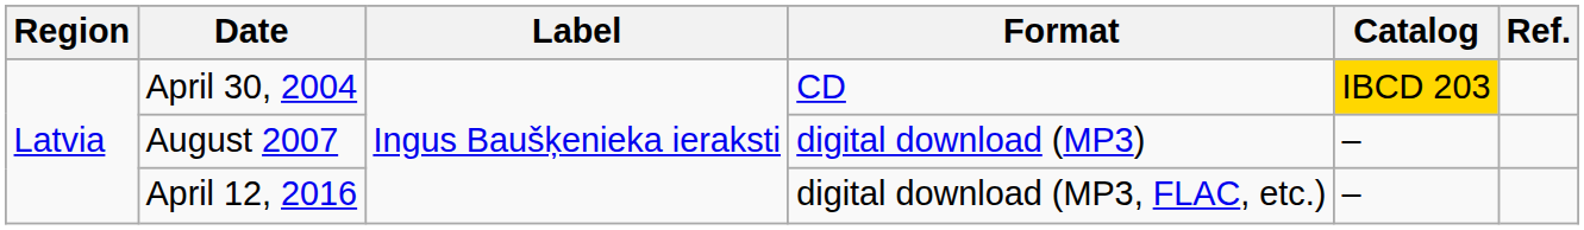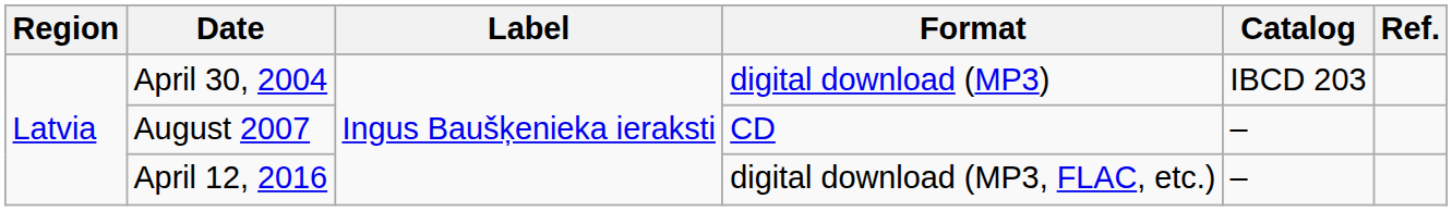 <table class="wikitable">
 <tr>
 <th>Region</th>
 <th>Date</th>
 <th>Label</th>
 <th>Format</th>
 <th>Catalog</th>
 <th>Ref.</th>
 </tr>
 <tr>
 <td rowspan="3"><a href='#'>Latvia</a></td>
 <td>April 30, <a href='#'>2004</a></td>
 <td rowspan="3"><a href='#'>Ingus Baušķenieka ieraksti</a></td>
-<td><a href='#'>CD</a></td>
-<td style="background: gold;">IBCD 203</td>
+<td><a href='#'>digital download</a> (<a href='#'>MP3</a>)</td>
+<td>IBCD 203</td>
 <td></td>
 </tr>
 <tr>
 <td>August <a href='#'>2007</a></td>
-<td><a href='#'>digital download</a> (<a href='#'>MP3</a>)</td>
+<td><a href='#'>CD</a></td>
 <td>–</td>
 <td><br></td>
 </tr>
 <tr>
 <td>April 12, <a href='#'>2016</a></td>
 <td>digital download (MP3, <a href='#'>FLAC</a>, etc.)</td>
 <td>–</td>
 <td></td>
 </tr>
 </table>
